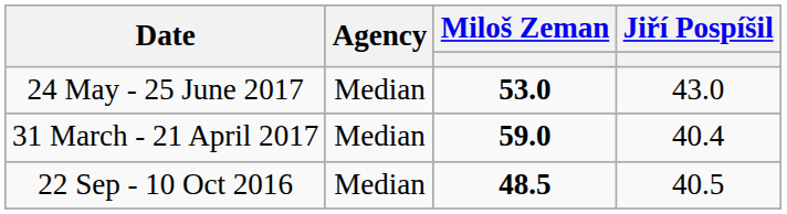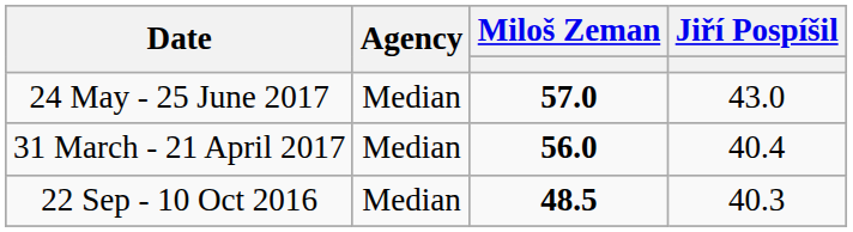 <table class="wikitable collapsible collapsed" style=text-align:center>
 <tr>
 <th rowspan="2">Date</th>
 <th rowspan="2">Agency</th>
 <th><a href='#'>Miloš Zeman</a></th>
 <th><a href='#'>Jiří Pospíšil</a></th>
 </tr>
 <tr>
 <th style="background:"></th>
 <th style="background:"></th>
 </tr>
 <tr>
 <td>24 May - 25 June 2017</td>
 <td>Median</td>
-<td><strong>53.0</strong></td>
+<td><strong>57.0</strong></td>
 <td>43.0</td>
 </tr>
 <tr>
 <td>31 March - 21 April 2017</td>
 <td>Median</td>
-<td><strong>59.0</strong></td>
+<td><strong>56.0</strong></td>
 <td>40.4</td>
 </tr>
 <tr>
 <td>22 Sep - 10 Oct 2016</td>
 <td>Median</td>
 <td><strong>48.5</strong></td>
-<td>40.5</td>
+<td>40.3</td>
 </tr>
 </table>
